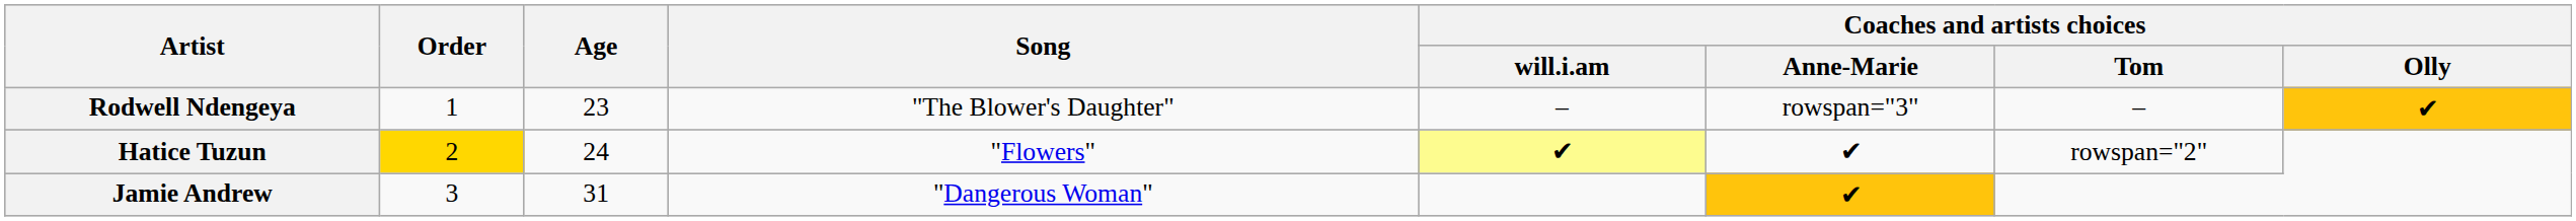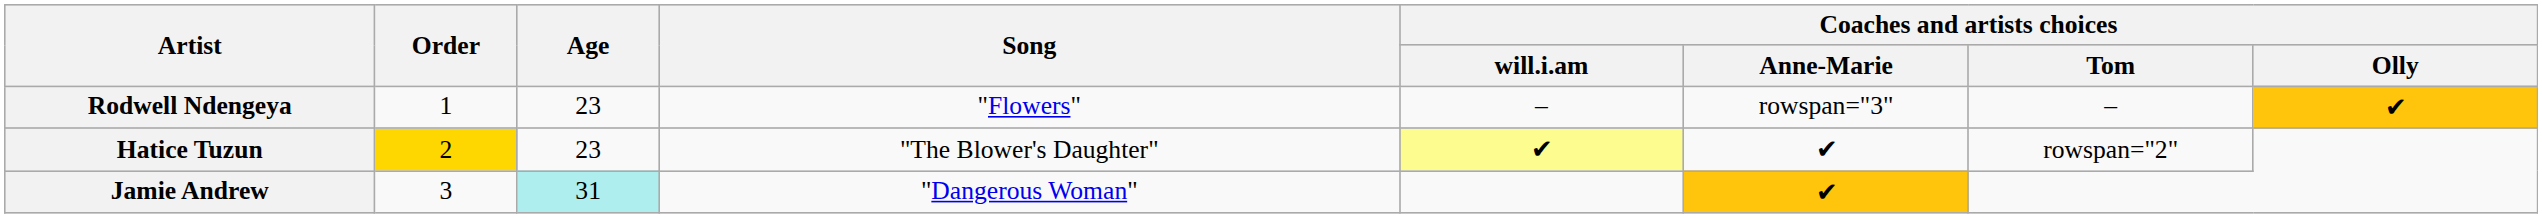 <table class="wikitable" style="text-align:center; width:100%">
 <tr>
 <th scope="col" rowspan="2" style="width:13%">Artist</th>
 <th scope="col" rowspan="2" style="width:05%">Order</th>
 <th scope="col" rowspan="2" style="width:05%">Age</th>
 <th scope="col" rowspan="2" style="width:26%">Song</th>
 <th scope="col" colspan="4" style="width:40%">Coaches and artists choices</th>
 </tr>
 <tr>
 <th style="width:10%">will.i.am</th>
 <th style="width:10%">Anne-Marie</th>
 <th style="width:10%">Tom</th>
 <th style="width:10%">Olly</th>
 </tr>
 <tr>
 <th scope="row">Rodwell Ndengeya</th>
 <td>1</td>
 <td>23</td>
-<td>"The Blower's Daughter"</td>
+<td>"<a href='#'>Flowers</a>"</td>
 <td>–</td>
 <td>rowspan="3" </td>
 <td>–</td>
 <td style="background:#ffc40c">✔</td>
 </tr>
 <tr>
 <th scope="row">Hatice Tuzun</th>
 <td style="background: gold;">2</td>
-<td>24</td>
-<td>"<a href='#'>Flowers</a>"</td>
+<td>23</td>
+<td>"The Blower's Daughter"</td>
 <td style="background:#fdfc8f">✔</td>
 <td>✔</td>
 <td>rowspan="2" </td>
 </tr>
 <tr>
 <th scope="row">Jamie Andrew</th>
 <td>3</td>
-<td>31</td>
+<td style="background: paleturquoise;">31</td>
 <td>"<a href='#'>Dangerous Woman</a>"</td>
 <td></td>
 <td style="background:#ffc40c">✔</td>
 </tr>
 </table>
